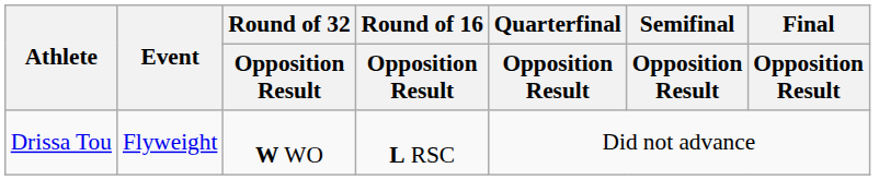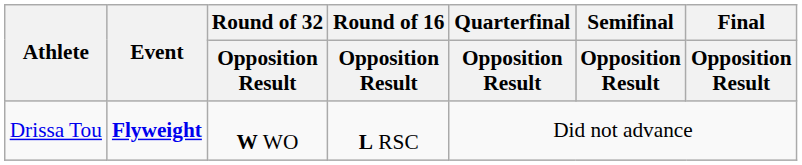 <table class=wikitable style=font-size:90%>
 <tr>
 <th rowspan=2>Athlete</th>
 <th rowspan=2>Event</th>
 <th>Round of 32</th>
 <th>Round of 16</th>
 <th>Quarterfinal</th>
 <th>Semifinal</th>
 <th>Final</th>
 </tr>
 <tr>
 <th>Opposition<br>Result</th>
 <th>Opposition<br>Result</th>
 <th>Opposition<br>Result</th>
 <th>Opposition<br>Result</th>
 <th>Opposition<br>Result</th>
 </tr>
 <tr>
 <td><a href='#'>Drissa Tou</a></td>
-<td><a href='#'>Flyweight</a></td>
+<td><strong><a href='#'>Flyweight</a></strong></td>
 <td align=center><br><strong>W</strong> WO</td>
 <td align=center><br><strong>L</strong> RSC</td>
 <td colspan=4 align=center>Did not advance</td>
 </tr>
 </table>
